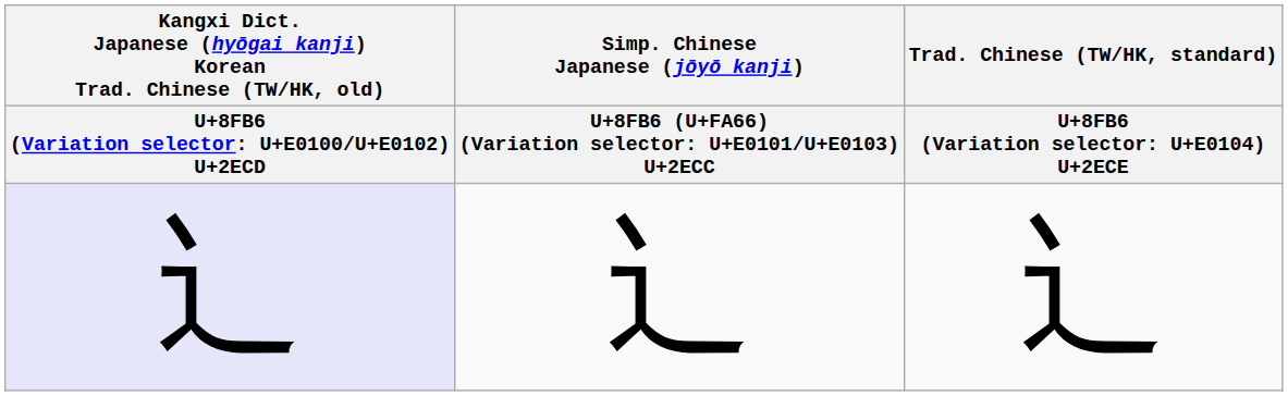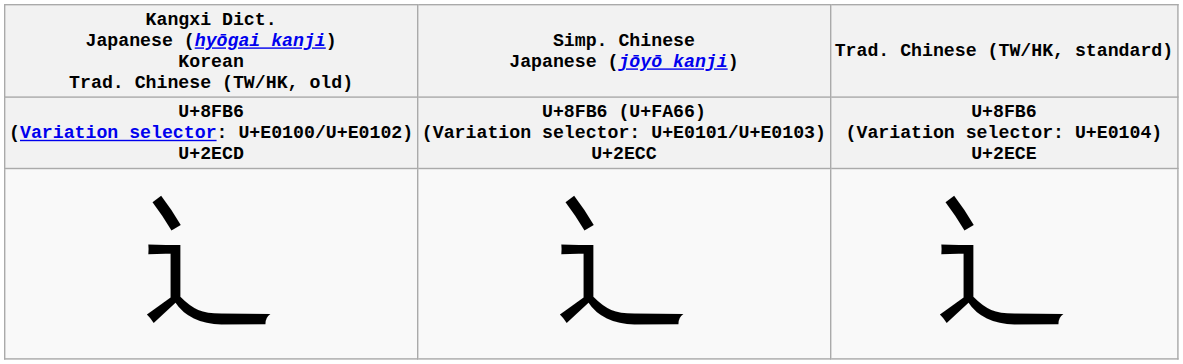 <table class="wikitable">
 <tr>
 <th>Kangxi Dict.<br>Japanese (<em><a href='#'>hyōgai kanji</a></em>)<br>Korean<br>Trad. Chinese (TW/HK, old)</th>
 <th>Simp. Chinese<br>Japanese (<em><a href='#'>jōyō kanji</a></em>)</th>
 <th>Trad. Chinese (TW/HK, standard)</th>
 </tr>
 <tr>
 <th>U+8FB6<br>(<a href='#'>Variation selector</a>: U+E0100/U+E0102)<br>U+2ECD</th>
 <th>U+8FB6 (U+FA66)<br>(Variation selector: U+E0101/U+E0103)<br>U+2ECC</th>
 <th>U+8FB6<br>(Variation selector: U+E0104)<br>U+2ECE</th>
 </tr>
 <tr style="font-size:6em;font-family:serif;line-height:100%;text-align:center;">
-<td lang="ko" style="background: lavender;">辶</td>
+<td lang="ko">辶</td>
 <td lang="zh-cn">辶</td>
 <td lang="zh-tw">辶</td>
 </tr>
 </table>
